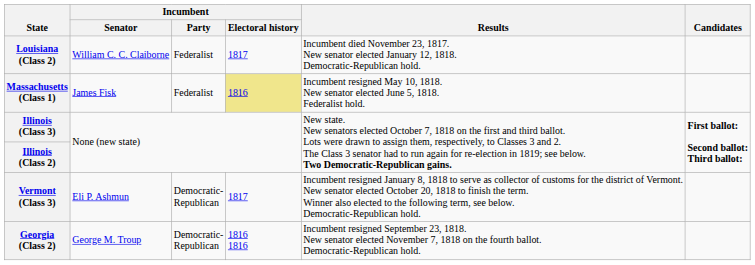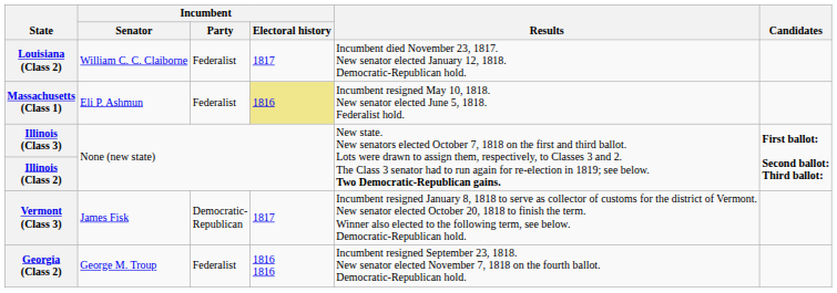 <table class=wikitable>
 <tr valign=bottom>
 <th rowspan=2>State</th>
 <th colspan=3>Incumbent</th>
 <th rowspan=2>Results</th>
 <th rowspan=2>Candidates</th>
 </tr>
 <tr>
 <th>Senator</th>
 <th>Party</th>
 <th>Electoral history</th>
 </tr>
 <tr>
 <th><a href='#'>Louisiana</a><br>(Class 2)</th>
 <td><a href='#'>William C. C. Claiborne</a></td>
 <td>Federalist</td>
 <td><a href='#'>1817</a></td>
 <td>Incumbent died November 23, 1817.<br>New senator elected January 12, 1818.<br>Democratic-Republican hold.</td>
 <td nowrap></td>
 </tr>
 <tr>
 <th><a href='#'>Massachusetts</a><br>(Class 1)</th>
-<td><a href='#'>James Fisk</a></td>
+<td><a href='#'>Eli P. Ashmun</a></td>
 <td>Federalist</td>
 <td style="background: khaki;"><a href='#'>1816 </a></td>
 <td>Incumbent resigned May 10, 1818.<br>New senator elected June 5, 1818.<br>Federalist hold.</td>
 <td nowrap></td>
 </tr>
 <tr>
 <th><a href='#'>Illinois</a><br>(Class 3)</th>
 <td colspan=3 rowspan=2>None (new state)</td>
 <td rowspan=2 >New state.<br>New senators elected October 7, 1818 on the first and third ballot.<br>Lots were drawn to assign them, respectively, to Classes 3 and 2.<br>The Class 3 senator had to run again for re-election in 1819; see below.<br><strong>Two Democratic-Republican gains.</strong></td>
 <td nowrap rowspan=2><strong>First ballot:</strong><br><br><strong>Second ballot:</strong><br> <strong>Third ballot:</strong><br></td>
 </tr>
 <tr>
 <th><a href='#'>Illinois</a><br>(Class 2)</th>
 </tr>
 <tr>
 <th><a href='#'>Vermont</a><br>(Class 3)</th>
-<td><a href='#'>Eli P. Ashmun</a></td>
+<td><a href='#'>James Fisk</a></td>
 <td>Democratic-<br>Republican</td>
 <td><a href='#'>1817 </a></td>
 <td>Incumbent resigned January 8, 1818 to serve as collector of customs for the district of Vermont.<br>New senator elected October 20, 1818 to finish the term.<br>Winner also elected to the following term, see below.<br>Democratic-Republican hold.</td>
 <td nowrap></td>
 </tr>
 <tr>
 <th><a href='#'>Georgia</a><br>(Class 2)</th>
 <td><a href='#'>George M. Troup</a></td>
-<td>Democratic-<br>Republican</td>
+<td>Federalist</td>
 <td><a href='#'>1816 </a><br><a href='#'>1816</a></td>
 <td>Incumbent resigned September 23, 1818.<br>New senator elected November 7, 1818 on the fourth ballot.<br>Democratic-Republican hold.</td>
 <td nowrap></td>
 </tr>
 </table>
